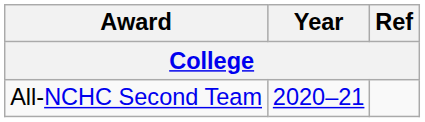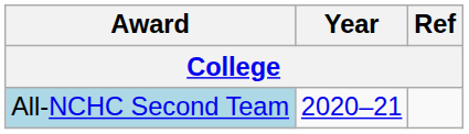 <table class="wikitable">
 <tr>
 <th>Award</th>
 <th>Year</th>
 <th>Ref</th>
 </tr>
 <tr>
 <th colspan="3"><a href='#'>College</a></th>
 </tr>
 <tr>
-<td>All-<a href='#'>NCHC Second Team</a></td>
+<td style="background: lightblue;">All-<a href='#'>NCHC Second Team</a></td>
 <td><a href='#'>2020–21</a></td>
 <td></td>
 </tr>
 </table>
